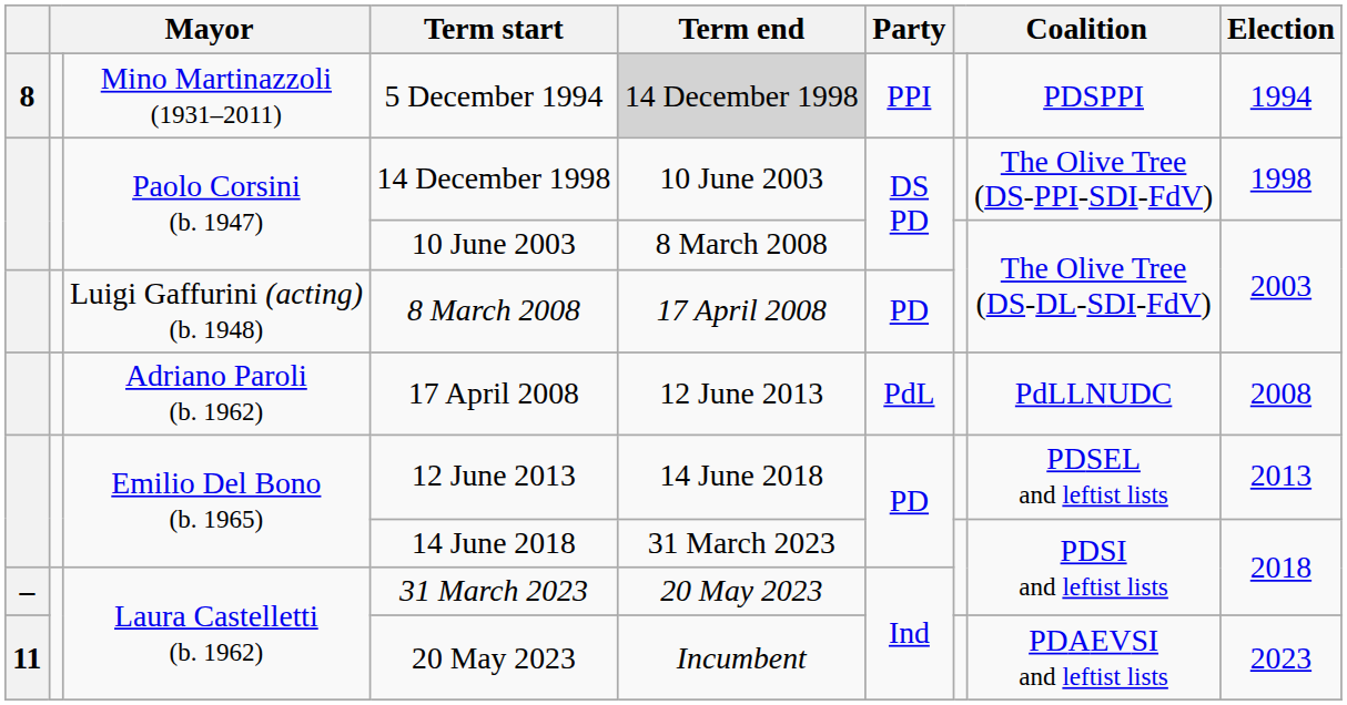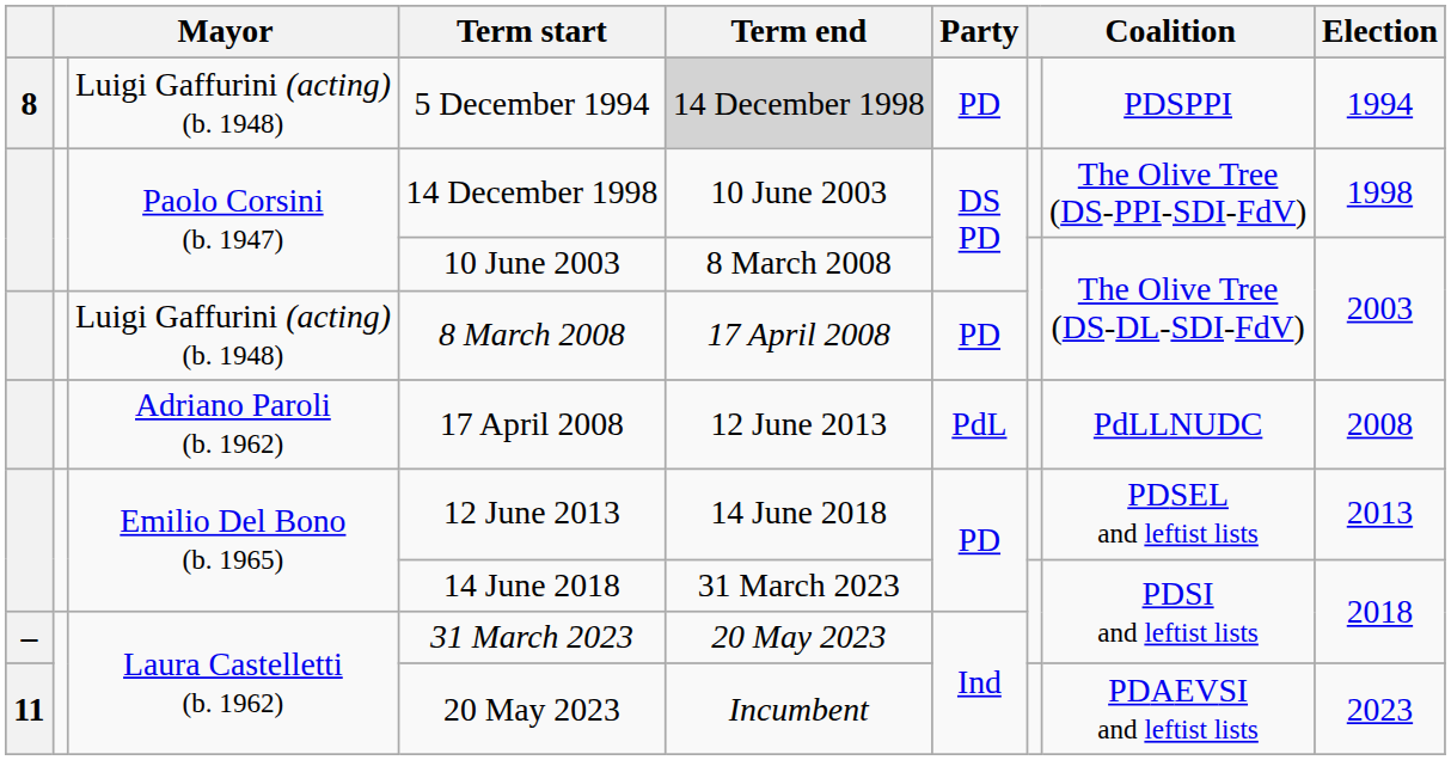 <table class="wikitable" style="text-align: center;">
 <tr>
 <th class=unsortable> </th>
 <th colspan=2>Mayor</th>
 <th>Term start</th>
 <th>Term end</th>
 <th>Party</th>
 <th colspan="2">Coalition</th>
 <th>Election</th>
 </tr>
 <tr>
 <th style="background:"><strong>8</strong></th>
 <td></td>
-<td><a href='#'>Mino Martinazzoli</a> <br><small>(1931–2011)</small></td>
+<td>Luigi Gaffurini <em>(acting)</em><br><small>(b. 1948)</small></td>
 <td>5 December 1994</td>
 <td style="background: lightgrey;">14 December 1998</td>
-<td><a href='#'>PPI</a></td>
+<td><a href='#'>PD</a></td>
 <td style="background: "></td>
 <td><a href='#'>PDS</a><a href='#'>PPI</a></td>
 <td><a href='#'>1994</a></td>
 </tr>
 <tr>
 <th rowspan=2 style="background:"></th>
 <td rowspan=2></td>
 <td rowspan=2><a href='#'>Paolo Corsini</a> <br><small>(b. 1947)</small></td>
 <td>14 December 1998</td>
 <td>10 June 2003</td>
 <td rowspan=2><a href='#'>DS</a><br><a href='#'>PD</a></td>
 <td style="background: "></td>
 <td><a href='#'>The Olive Tree</a><br>(<a href='#'>DS</a>-<a href='#'>PPI</a>-<a href='#'>SDI</a>-<a href='#'>FdV</a>)</td>
 <td><a href='#'>1998</a></td>
 </tr>
 <tr>
 <td>10 June 2003</td>
 <td>8 March 2008</td>
 <td rowspan=2 style="background: "></td>
 <td rowspan=2><a href='#'>The Olive Tree</a><br>(<a href='#'>DS</a>-<a href='#'>DL</a>-<a href='#'>SDI</a>-<a href='#'>FdV</a>)</td>
 <td rowspan=2><a href='#'>2003</a></td>
 </tr>
 <tr>
 <th style="background:"></th>
 <td></td>
 <td>Luigi Gaffurini <em>(acting)</em><br><small>(b. 1948)</small></td>
 <td><em>8 March 2008</em></td>
 <td><em>17 April 2008</em></td>
 <td><a href='#'>PD</a></td>
 </tr>
 <tr>
 <th style="background:"></th>
 <td></td>
 <td><a href='#'>Adriano Paroli</a> <br><small>(b. 1962)</small></td>
 <td>17 April 2008</td>
 <td>12 June 2013</td>
 <td><a href='#'>PdL</a></td>
 <td style="background: "></td>
 <td><a href='#'>PdL</a><a href='#'>LN</a><a href='#'>UDC</a></td>
 <td><a href='#'>2008</a></td>
 </tr>
 <tr>
 <th rowspan=2 style="background:"></th>
 <td rowspan=2></td>
 <td rowspan=2><a href='#'>Emilio Del Bono</a> <br><small>(b. 1965)</small></td>
 <td>12 June 2013</td>
 <td>14 June 2018</td>
 <td rowspan=2><a href='#'>PD</a></td>
 <td style="background: "></td>
 <td><a href='#'>PD</a><a href='#'>SEL</a><br><small>and <a href='#'>leftist lists</a></small></td>
 <td><a href='#'>2013</a></td>
 </tr>
 <tr>
 <td>14 June 2018</td>
 <td>31 March 2023</td>
 <td rowspan=2 style="background: "></td>
 <td rowspan=2><a href='#'>PD</a><a href='#'>SI</a><br><small>and <a href='#'>leftist lists</a></small></td>
 <td rowspan=2><a href='#'>2018</a></td>
 </tr>
 <tr>
 <th style="background:"><strong>–</strong></th>
 <td rowspan=2></td>
 <td rowspan=2><a href='#'>Laura Castelletti</a> <br><small>(b. 1962)</small></td>
 <td><em>31 March 2023</em></td>
 <td><em>20 May 2023</em></td>
 <td rowspan=2><a href='#'>Ind</a></td>
 </tr>
 <tr>
 <th style="background:"><strong>11</strong></th>
 <td>20 May 2023</td>
 <td><em>Incumbent</em></td>
 <td style="background: "></td>
 <td><a href='#'>PD</a><a href='#'>A</a><a href='#'>EV</a><a href='#'>SI</a><br><small>and <a href='#'>leftist lists</a></small></td>
 <td><a href='#'>2023</a></td>
 </tr>
 </table>
